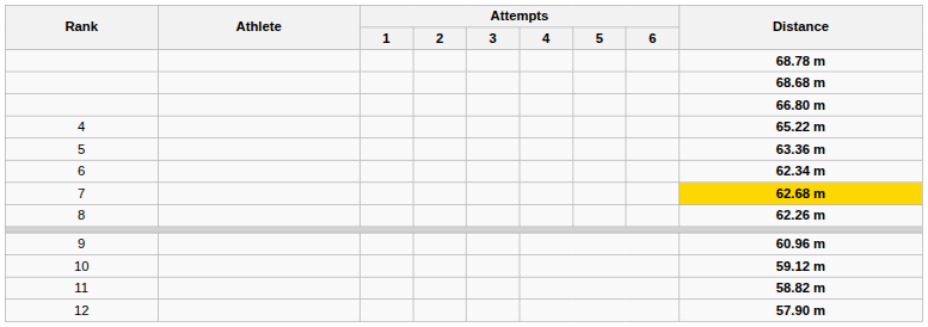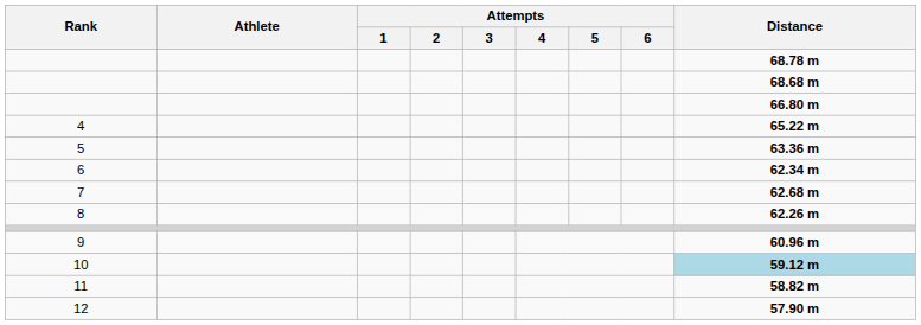 <table class="wikitable" style=" text-align:center; font-size:110%;" width="95%">
 <tr>
 <th rowspan="2">Rank</th>
 <th rowspan="2">Athlete</th>
 <th colspan="6">Attempts</th>
 <th rowspan="2">Distance</th>
 </tr>
 <tr>
 <th>1</th>
 <th>2</th>
 <th>3</th>
 <th>4</th>
 <th>5</th>
 <th>6</th>
 </tr>
 <tr>
 <td></td>
 <td align=left></td>
 <td></td>
 <td></td>
 <td></td>
 <td></td>
 <td></td>
 <td></td>
 <td><strong>68.78 m</strong></td>
 </tr>
 <tr>
 <td></td>
 <td align=left></td>
 <td></td>
 <td></td>
 <td></td>
 <td></td>
 <td></td>
 <td></td>
 <td><strong>68.68 m</strong></td>
 </tr>
 <tr>
 <td></td>
 <td align=left></td>
 <td></td>
 <td></td>
 <td></td>
 <td></td>
 <td></td>
 <td></td>
 <td><strong>66.80 m</strong></td>
 </tr>
 <tr>
 <td>4</td>
 <td align=left></td>
 <td></td>
 <td></td>
 <td></td>
 <td></td>
 <td></td>
 <td></td>
 <td><strong>65.22 m</strong></td>
 </tr>
 <tr>
 <td>5</td>
 <td align=left></td>
 <td></td>
 <td></td>
 <td></td>
 <td></td>
 <td></td>
 <td></td>
 <td><strong>63.36 m</strong></td>
 </tr>
 <tr>
 <td>6</td>
 <td align=left></td>
 <td></td>
 <td></td>
 <td></td>
 <td></td>
 <td></td>
 <td></td>
 <td><strong>62.34 m</strong></td>
 </tr>
 <tr>
 <td>7</td>
 <td align=left></td>
 <td></td>
 <td></td>
 <td></td>
 <td></td>
 <td></td>
 <td></td>
-<td style="background: gold;"><strong>62.68 m</strong></td>
+<td><strong>62.68 m</strong></td>
 </tr>
 <tr>
 <td>8</td>
 <td align=left></td>
 <td></td>
 <td></td>
 <td></td>
 <td></td>
 <td></td>
 <td></td>
 <td><strong>62.26 m</strong></td>
 </tr>
 <tr>
 <td colspan=9 bgcolor=lightgray></td>
 </tr>
 <tr>
 <td>9</td>
 <td align=left></td>
 <td></td>
 <td></td>
 <td></td>
 <td colspan=3></td>
 <td><strong>60.96 m</strong></td>
 </tr>
 <tr>
 <td>10</td>
 <td align=left></td>
 <td></td>
 <td></td>
 <td></td>
 <td colspan=3></td>
-<td><strong>59.12 m</strong></td>
+<td style="background: lightblue;"><strong>59.12 m</strong></td>
 </tr>
 <tr>
 <td>11</td>
 <td align=left></td>
 <td></td>
 <td></td>
 <td></td>
 <td colspan=3></td>
 <td><strong>58.82 m</strong></td>
 </tr>
 <tr>
 <td>12</td>
 <td align=left></td>
 <td></td>
 <td></td>
 <td></td>
 <td colspan=3></td>
 <td><strong>57.90 m</strong></td>
 </tr>
 </table>
